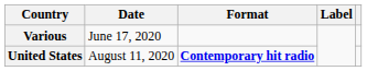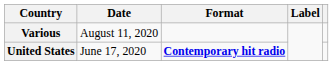 <table class="wikitable plainrowheaders">
 <tr>
 <th>Country</th>
 <th>Date</th>
 <th>Format</th>
 <th>Label</th>
 <th></th>
 </tr>
 <tr>
 <th scope="row">Various</th>
-<td>June 17, 2020</td>
+<td>August 11, 2020</td>
 <td></td>
 <td rowspan="2"></td>
 <td></td>
 </tr>
 <tr>
 <th scope="row">United States</th>
-<td>August 11, 2020</td>
+<td>June 17, 2020</td>
 <td><strong><a href='#'>Contemporary hit radio</a></strong></td>
 <td></td>
 </tr>
 </table>
